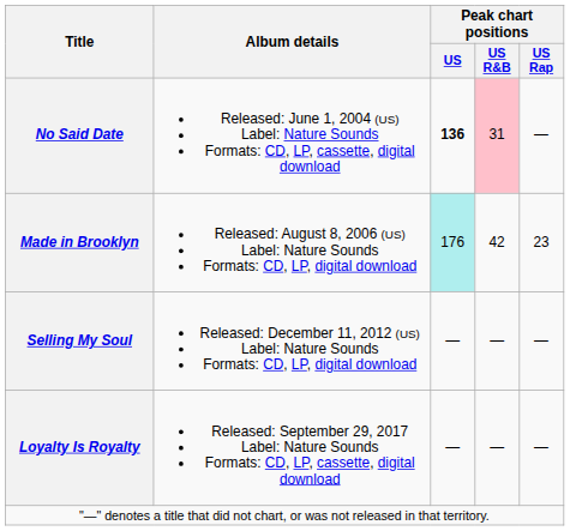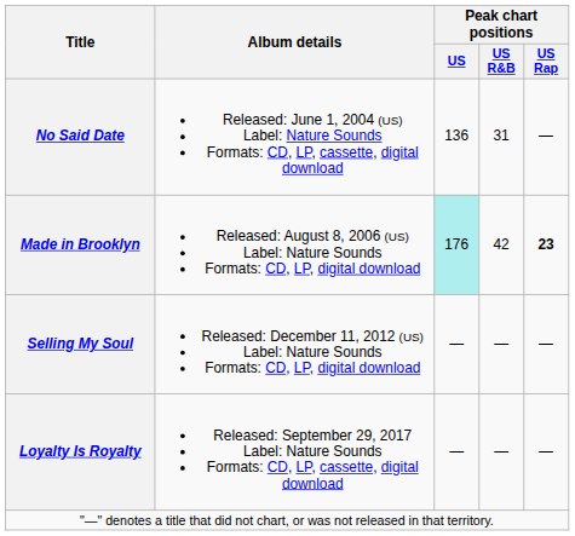 <table class="wikitable plainrowheaders" style="text-align:center;">
 <tr>
 <th scope="col" rowspan="2" style="width:10em;">Title</th>
 <th scope="col" rowspan="2" style="width:19em;">Album details</th>
 <th scope="col" colspan="3">Peak chart positions</th>
 </tr>
 <tr>
 <th scope="col" style="width:3em;font-size:90%;"><a href='#'>US</a></th>
 <th scope="col" style="width:3em;font-size:90%;"><a href='#'>US R&B</a></th>
 <th scope="col" style="width:3em;font-size:90%;"><a href='#'>US<br>Rap</a></th>
 </tr>
 <tr>
 <th scope="row"><em><a href='#'>No Said Date</a></em></th>
 <td><br><ul><li>Released: June 1, 2004 <small>(US)</small></li><li>Label: <a href='#'>Nature Sounds</a></li><li>Formats: <a href='#'>CD</a>, <a href='#'>LP</a>, <a href='#'>cassette</a>,  <a href='#'>digital download</a></li></ul></td>
-<td><strong>136</strong></td>
-<td style="background: pink;">31</td>
+<td>136</td>
+<td>31</td>
 <td>—</td>
 </tr>
 <tr>
 <th scope="row"><em><a href='#'>Made in Brooklyn</a></em></th>
 <td><br><ul><li>Released: August 8, 2006 <small>(US)</small></li><li>Label: Nature Sounds</li><li>Formats: <a href='#'>CD</a>, <a href='#'>LP</a>, <a href='#'>digital download</a></li></ul></td>
 <td style="background: paleturquoise;">176</td>
 <td>42</td>
-<td>23</td>
+<td><strong>23</strong></td>
 </tr>
 <tr>
 <th scope="row"><em><a href='#'>Selling My Soul</a></em></th>
 <td><br><ul><li>Released: December 11, 2012 <small>(US)</small></li><li>Label: Nature Sounds</li><li>Formats: <a href='#'>CD</a>, <a href='#'>LP</a>, <a href='#'>digital download</a></li></ul></td>
 <td>—</td>
 <td>—</td>
 <td>—</td>
 </tr>
 <tr>
 <th scope="row"><em><a href='#'>Loyalty Is Royalty</a></em></th>
 <td><br><ul><li>Released: September 29, 2017</li><li>Label: Nature Sounds</li><li>Formats: <a href='#'>CD</a>, <a href='#'>LP</a>, <a href='#'>cassette</a>, <a href='#'>digital download</a></li></ul></td>
 <td>—</td>
 <td>—</td>
 <td>—</td>
 </tr>
 <tr>
 <td colspan="14" style="font-size:90%">"—" denotes a title that did not chart, or was not released in that territory.</td>
 </tr>
 </table>
